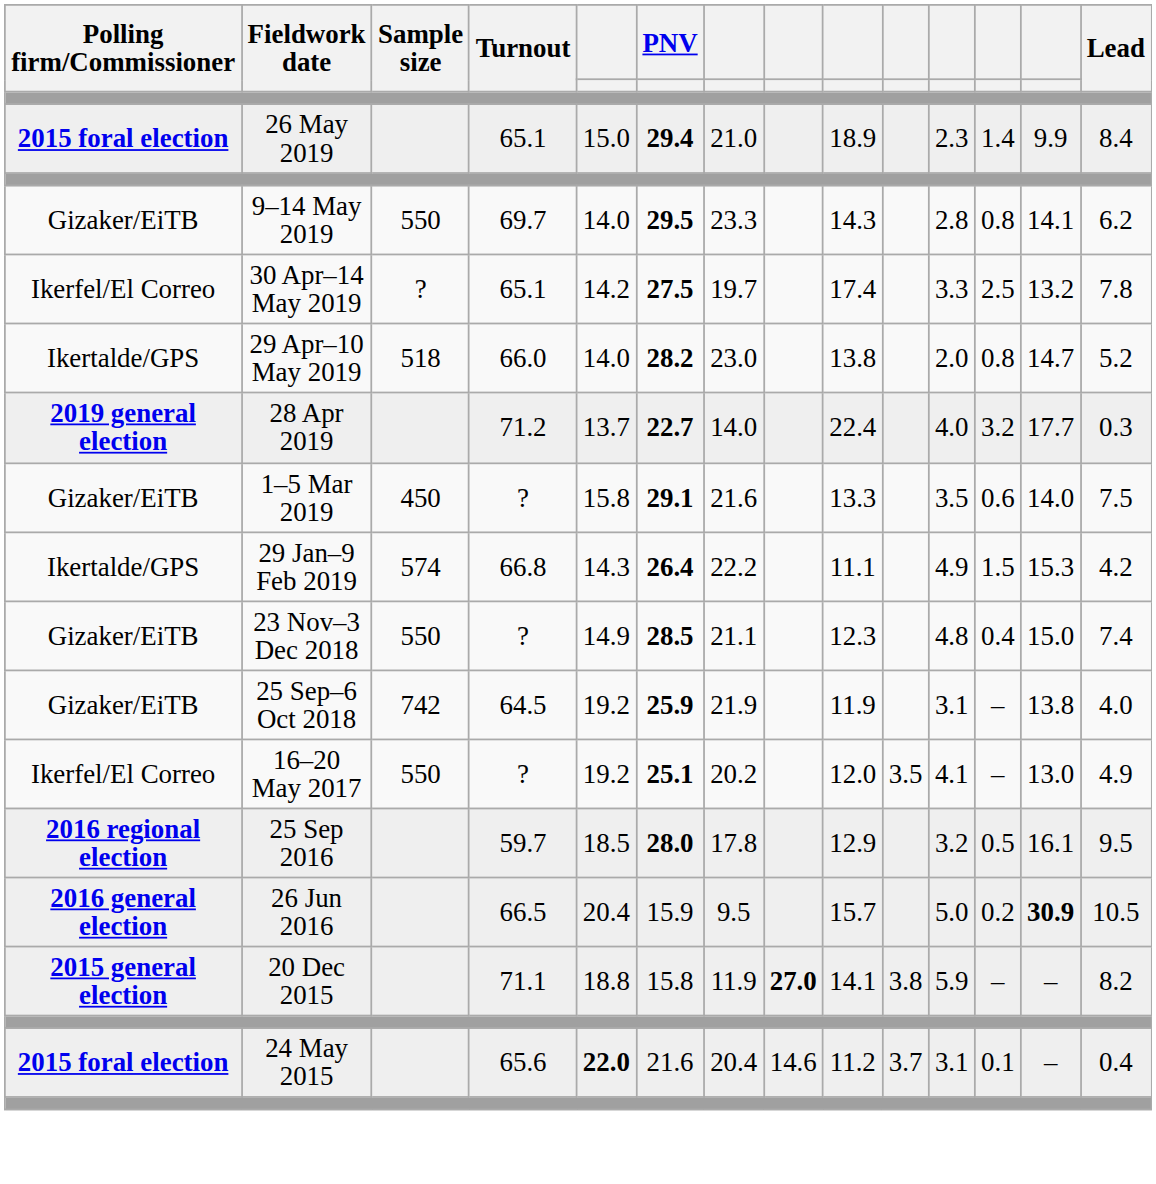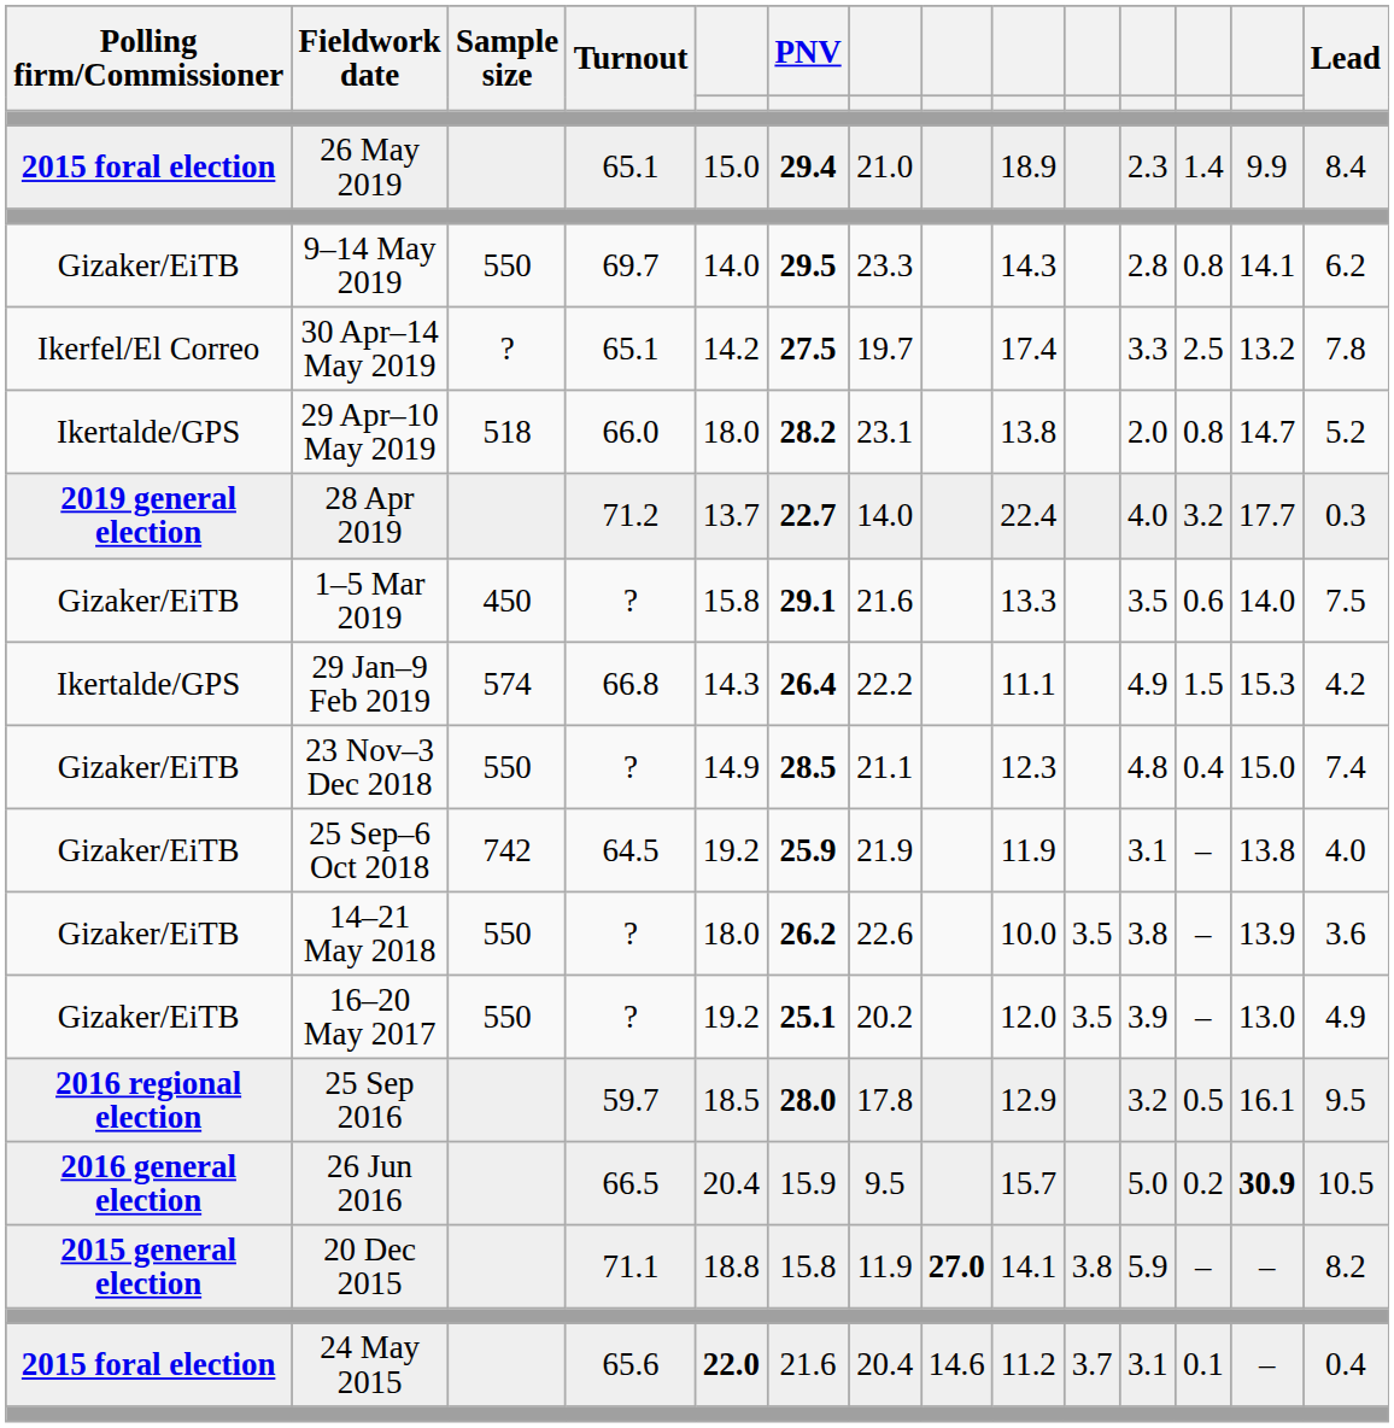 <table class="wikitable collapsible collapsed" style="text-align:center; font-size:95%; line-height:16px;">
 <tr style="height:42px;">
 <th style="width:250px;" rowspan="2">Polling firm/Commissioner</th>
 <th style="width:125px;" rowspan="2">Fieldwork date</th>
 <th style="width:50px;" rowspan="2">Sample size</th>
 <th style="width:45px;" rowspan="2">Turnout</th>
 <th style="width:35px;"></th>
 <th style="width:35px;"><a href='#'>PNV</a></th>
 <th style="width:35px;"></th>
 <th style="width:35px;"></th>
 <th style="width:35px;"></th>
 <th style="width:35px;"></th>
 <th style="width:35px;"></th>
 <th style="width:35px;"></th>
 <th style="width:35px;"></th>
 <th style="width:30px;" rowspan="2">Lead</th>
 </tr>
 <tr>
 <th style="color:inherit;background:"></th>
 <th style="color:inherit;background:"></th>
 <th style="color:inherit;background:"></th>
 <th style="color:inherit;background:"></th>
 <th style="color:inherit;background:"></th>
 <th style="color:inherit;background:"></th>
 <th style="color:inherit;background:"></th>
 <th style="color:inherit;background:"></th>
 <th style="color:inherit;background:"></th>
 </tr>
 <tr>
 <td colspan="14" style="background:#A0A0A0"></td>
 </tr>
 <tr style="background:#EFEFEF;">
 <td><strong><a href='#'>2015 foral election</a></strong></td>
 <td>26 May 2019</td>
 <td></td>
 <td>65.1</td>
 <td>15.0<br></td>
 <td><strong>29.4</strong><br></td>
 <td>21.0<br></td>
 <td></td>
 <td>18.9<br></td>
 <td></td>
 <td>2.3<br></td>
 <td>1.4<br></td>
 <td>9.9<br></td>
 <td style="background:">8.4</td>
 </tr>
 <tr>
 <td colspan="14" style="background:#A0A0A0"></td>
 </tr>
 <tr>
 <td>Gizaker/EiTB</td>
 <td>9–14 May 2019</td>
 <td>550</td>
 <td>69.7</td>
 <td>14.0</td>
 <td><strong>29.5</strong></td>
 <td>23.3</td>
 <td></td>
 <td>14.3</td>
 <td></td>
 <td>2.8</td>
 <td>0.8</td>
 <td>14.1</td>
 <td style="background:">6.2</td>
 </tr>
 <tr>
 <td>Ikerfel/El Correo</td>
 <td>30 Apr–14 May 2019</td>
 <td>?</td>
 <td>65.1</td>
 <td>14.2<br></td>
 <td><strong>27.5</strong><br></td>
 <td>19.7<br></td>
 <td></td>
 <td>17.4<br></td>
 <td></td>
 <td>3.3<br></td>
 <td>2.5<br></td>
 <td>13.2<br></td>
 <td style="background:">7.8</td>
 </tr>
 <tr>
 <td>Ikertalde/GPS</td>
 <td>29 Apr–10 May 2019</td>
 <td>518</td>
 <td>66.0</td>
-<td>14.0</td>
+<td>18.0</td>
 <td><strong>28.2</strong></td>
-<td>23.0</td>
+<td>23.1</td>
 <td></td>
 <td>13.8</td>
 <td></td>
 <td>2.0</td>
 <td>0.8</td>
 <td>14.7</td>
 <td style="background:">5.2</td>
 </tr>
 <tr style="background:#EFEFEF;">
 <td><strong><a href='#'>2019 general election</a></strong></td>
 <td>28 Apr 2019</td>
 <td></td>
 <td>71.2</td>
 <td>13.7</td>
 <td><strong>22.7</strong></td>
 <td>14.0</td>
 <td></td>
 <td>22.4</td>
 <td></td>
 <td>4.0</td>
 <td>3.2</td>
 <td>17.7</td>
 <td style="background:">0.3</td>
 </tr>
 <tr>
 <td>Gizaker/EiTB</td>
 <td>1–5 Mar 2019</td>
 <td>450</td>
 <td>?</td>
 <td>15.8</td>
 <td><strong>29.1</strong></td>
 <td>21.6</td>
 <td></td>
 <td>13.3</td>
 <td></td>
 <td>3.5</td>
 <td>0.6</td>
 <td>14.0</td>
 <td style="background:">7.5</td>
 </tr>
 <tr>
 <td>Ikertalde/GPS</td>
 <td>29 Jan–9 Feb 2019</td>
 <td>574</td>
 <td>66.8</td>
 <td>14.3</td>
 <td><strong>26.4</strong></td>
 <td>22.2</td>
 <td></td>
 <td>11.1</td>
 <td></td>
 <td>4.9</td>
 <td>1.5</td>
 <td>15.3</td>
 <td style="background:">4.2</td>
 </tr>
 <tr>
 <td>Gizaker/EiTB</td>
 <td>23 Nov–3 Dec 2018</td>
 <td>550</td>
 <td>?</td>
 <td>14.9</td>
 <td><strong>28.5</strong></td>
 <td>21.1</td>
 <td></td>
 <td>12.3</td>
 <td></td>
 <td>4.8</td>
 <td>0.4</td>
 <td>15.0</td>
 <td style="background:">7.4</td>
 </tr>
 <tr>
 <td>Gizaker/EiTB</td>
 <td>25 Sep–6 Oct 2018</td>
 <td>742</td>
 <td>64.5</td>
 <td>19.2</td>
 <td><strong>25.9</strong></td>
 <td>21.9</td>
 <td></td>
 <td>11.9</td>
 <td></td>
 <td>3.1</td>
 <td>–</td>
 <td>13.8</td>
 <td style="background:">4.0</td>
 </tr>
 <tr>
-<td>Ikerfel/El Correo</td>
+<td>Gizaker/EiTB</td>
+<td>14–21 May 2018</td>
+<td>550</td>
+<td>?</td>
+<td>18.0</td>
+<td><strong>26.2</strong></td>
+<td>22.6</td>
+<td></td>
+<td>10.0</td>
+<td>3.5</td>
+<td>3.8</td>
+<td>–</td>
+<td>13.9</td>
+<td style="background:">3.6</td>
+</tr>
+<tr>
+<td>Gizaker/EiTB</td>
 <td>16–20 May 2017</td>
 <td>550</td>
 <td>?</td>
 <td>19.2</td>
 <td><strong>25.1</strong></td>
 <td>20.2</td>
 <td></td>
 <td>12.0</td>
 <td>3.5</td>
-<td>4.1</td>
+<td>3.9</td>
 <td>–</td>
 <td>13.0</td>
 <td style="background:">4.9</td>
 </tr>
 <tr style="background:#EFEFEF;">
 <td><strong><a href='#'>2016 regional election</a></strong></td>
 <td>25 Sep 2016</td>
 <td></td>
 <td>59.7</td>
 <td>18.5</td>
 <td><strong>28.0</strong></td>
 <td>17.8</td>
 <td></td>
 <td>12.9</td>
 <td></td>
 <td>3.2</td>
 <td>0.5</td>
 <td>16.1</td>
 <td style="background:">9.5</td>
 </tr>
 <tr style="background:#EFEFEF;">
 <td><strong><a href='#'>2016 general election</a></strong></td>
 <td>26 Jun 2016</td>
 <td></td>
 <td>66.5</td>
 <td>20.4</td>
 <td>15.9</td>
 <td>9.5</td>
 <td></td>
 <td>15.7</td>
 <td></td>
 <td>5.0</td>
 <td>0.2</td>
 <td><strong>30.9</strong></td>
 <td style="background:">10.5</td>
 </tr>
 <tr style="background:#EFEFEF;">
 <td><strong><a href='#'>2015 general election</a></strong></td>
 <td>20 Dec 2015</td>
 <td></td>
 <td>71.1</td>
 <td>18.8</td>
 <td>15.8</td>
 <td>11.9</td>
 <td><strong>27.0</strong></td>
 <td>14.1</td>
 <td>3.8</td>
 <td>5.9</td>
 <td>–</td>
 <td>–</td>
 <td style="background:">8.2</td>
 </tr>
 <tr>
 <td colspan="14" style="background:#A0A0A0"></td>
 </tr>
 <tr style="background:#EFEFEF;">
 <td><strong><a href='#'>2015 foral election</a></strong></td>
 <td>24 May 2015</td>
 <td></td>
 <td>65.6</td>
 <td><strong>22.0</strong><br></td>
 <td>21.6<br></td>
 <td>20.4<br></td>
 <td>14.6<br></td>
 <td>11.2<br></td>
 <td>3.7<br></td>
 <td>3.1<br></td>
 <td>0.1<br></td>
 <td>–</td>
 <td style="background:">0.4</td>
 </tr>
 <tr>
 <td colspan="14" style="background:#A0A0A0"></td>
 </tr>
 </table>
